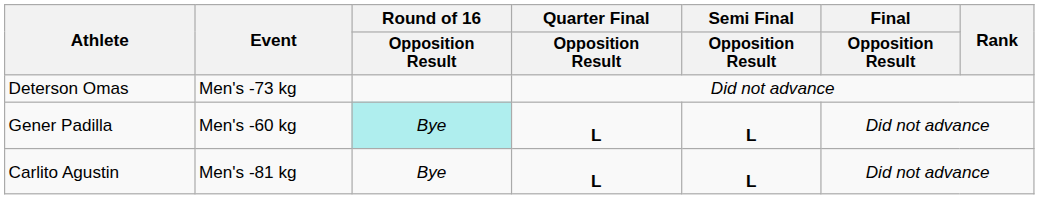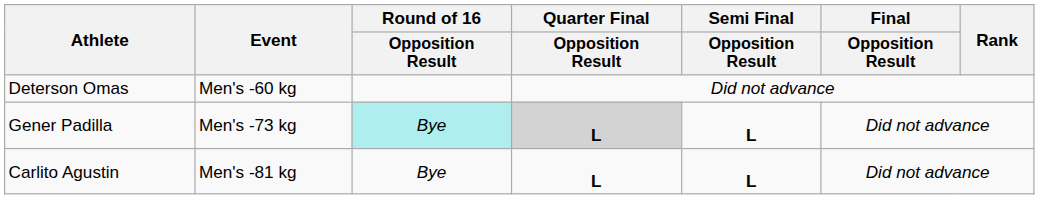 <table class="wikitable" width="98%" style="text-align:left; font-size:90%">
 <tr>
 <th rowspan=2>Athlete</th>
 <th rowspan=2>Event</th>
 <th>Round of 16</th>
 <th>Quarter Final</th>
 <th>Semi Final</th>
 <th>Final</th>
 <th rowspan=2>Rank</th>
 </tr>
 <tr style="font-size:95%">
 <th>Opposition<br>Result</th>
 <th>Opposition<br>Result</th>
 <th>Opposition<br>Result</th>
 <th>Opposition<br>Result</th>
 </tr>
 <tr>
 <td>Deterson Omas</td>
-<td>Men's -73 kg</td>
+<td>Men's -60 kg</td>
 <td></td>
 <td colspan=4 align=center><em>Did not advance</em></td>
 </tr>
 <tr>
 <td>Gener Padilla</td>
-<td>Men's -60 kg</td>
+<td>Men's -73 kg</td>
 <td align=center style="background: paleturquoise;"><em>Bye</em></td>
-<td align=center><small>  </small><br> <strong>L</strong></td>
+<td align=center style="background: lightgrey;"><small>  </small><br> <strong>L</strong></td>
 <td align=center><small>  </small><br> <strong>L</strong></td>
 <td colspan=2 align=center><em>Did not advance</em></td>
 </tr>
 <tr>
 <td>Carlito Agustin</td>
 <td>Men's -81 kg</td>
 <td align=center><em>Bye</em></td>
 <td align=center><small>  </small><br> <strong>L</strong></td>
 <td align=center><small>  </small><br> <strong>L</strong></td>
 <td colspan=2 align=center><em>Did not advance</em></td>
 </tr>
 </table>
